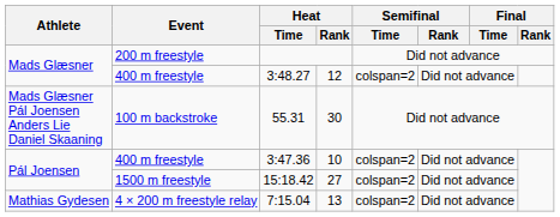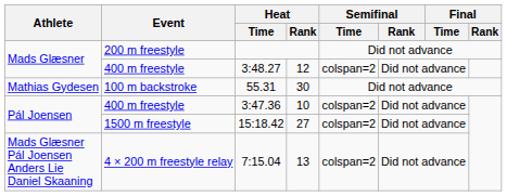 <table class=wikitable style="font-size:90%">
 <tr>
 <th rowspan="2">Athlete</th>
 <th rowspan="2">Event</th>
 <th colspan="2">Heat</th>
 <th colspan="2">Semifinal</th>
 <th colspan="2">Final</th>
 </tr>
 <tr style="font-size:95%">
 <th>Time</th>
 <th>Rank</th>
 <th>Time</th>
 <th>Rank</th>
 <th>Time</th>
 <th>Rank</th>
 </tr>
 <tr align=center>
 <td align=left rowspan=2><a href='#'>Mads Glæsner</a></td>
 <td align=left><a href='#'>200 m freestyle</a></td>
 <td colspan=2></td>
 <td colspan=4>Did not advance</td>
 </tr>
 <tr align=center>
 <td align=left><a href='#'>400 m freestyle</a></td>
 <td>3:48.27</td>
 <td>12</td>
 <td>colspan=2 </td>
 <td colspan=2>Did not advance</td>
 </tr>
 <tr align=center>
-<td align=left><a href='#'>Mads Glæsner</a><br><a href='#'>Pál Joensen</a><br><a href='#'>Anders Lie</a><br><a href='#'>Daniel Skaaning</a></td>
+<td align=left><a href='#'>Mathias Gydesen</a></td>
 <td align=left><a href='#'>100 m backstroke</a></td>
 <td>55.31</td>
 <td>30</td>
 <td colspan=4>Did not advance</td>
 </tr>
 <tr align=center>
 <td align=left rowspan=2><a href='#'>Pál Joensen</a></td>
 <td align=left><a href='#'>400 m freestyle</a></td>
 <td>3:47.36</td>
 <td>10</td>
 <td>colspan=2 </td>
 <td colspan=2>Did not advance</td>
 </tr>
 <tr align=center>
 <td align=left><a href='#'>1500 m freestyle</a></td>
 <td>15:18.42</td>
 <td>27</td>
 <td>colspan=2 </td>
 <td colspan=2>Did not advance</td>
 </tr>
 <tr align=center>
-<td align=left><a href='#'>Mathias Gydesen</a></td>
+<td align=left><a href='#'>Mads Glæsner</a><br><a href='#'>Pál Joensen</a><br><a href='#'>Anders Lie</a><br><a href='#'>Daniel Skaaning</a></td>
 <td align=left><a href='#'>4 × 200 m freestyle relay</a></td>
 <td>7:15.04</td>
 <td>13</td>
 <td>colspan=2 </td>
 <td colspan=2>Did not advance</td>
 </tr>
 </table>
